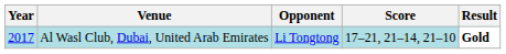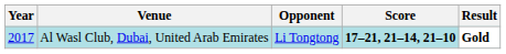 <table class="sortable wikitable" style="font-size: 90%;">
 <tr>
 <th>Year</th>
 <th>Venue</th>
 <th>Opponent</th>
 <th>Score</th>
 <th>Result</th>
 </tr>
 <tr style="background:#B0E0E6">
 <td rowspan="3" align="center"><a href='#'>2017</a></td>
 <td rowspan="3" align="left">Al Wasl Club, <a href='#'>Dubai</a>, United Arab Emirates</td>
 <td align="left"> <a href='#'>Li Tongtong</a></td>
-<td align="left">17–21, 21–14, 21–10</td>
+<td align="left"><strong>17–21, 21–14, 21–10</strong></td>
 <td style="text-align:left; background:white"> <strong>Gold</strong></td>
 </tr>
 </table>
